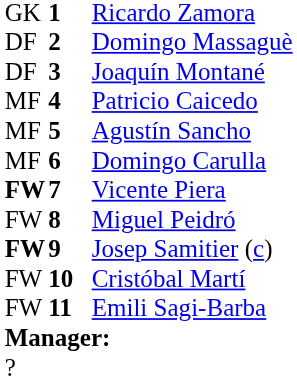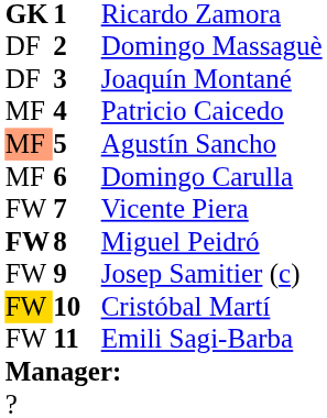 <table style="font-size:90%; margin:0.2em auto;" cellspacing="0" cellpadding="0">
 <tr>
 <th width="25"></th>
 <th width="25"></th>
 </tr>
 <tr>
-<td>GK</td>
+<td><strong>GK</strong></td>
 <td><strong>1</strong></td>
 <td> <a href='#'>Ricardo Zamora</a></td>
 </tr>
 <tr>
 <td>DF</td>
 <td><strong>2</strong></td>
 <td> <a href='#'>Domingo Massaguè</a></td>
 </tr>
 <tr>
 <td>DF</td>
 <td><strong>3</strong></td>
 <td> <a href='#'>Joaquín Montané</a></td>
 </tr>
 <tr>
 <td>MF</td>
 <td><strong>4</strong></td>
 <td> <a href='#'>Patricio Caicedo</a></td>
 </tr>
 <tr>
-<td>MF</td>
+<td style="background: lightsalmon;">MF</td>
 <td><strong>5</strong></td>
 <td> <a href='#'>Agustín Sancho</a></td>
 </tr>
 <tr>
 <td>MF</td>
 <td><strong>6</strong></td>
 <td> <a href='#'>Domingo Carulla</a></td>
 </tr>
 <tr>
-<td><strong>FW</strong></td>
+<td>FW</td>
 <td><strong>7</strong></td>
 <td> <a href='#'>Vicente Piera</a></td>
 </tr>
 <tr>
-<td>FW</td>
+<td><strong>FW</strong></td>
 <td><strong>8</strong></td>
 <td> <a href='#'>Miguel Peidró</a></td>
 </tr>
 <tr>
-<td><strong>FW</strong></td>
+<td>FW</td>
 <td><strong>9</strong></td>
 <td> <a href='#'>Josep Samitier</a> (<a href='#'>c</a>)</td>
 </tr>
 <tr>
-<td>FW</td>
+<td style="background: gold;">FW</td>
 <td><strong>10</strong></td>
 <td> <a href='#'>Cristóbal Martí</a></td>
 </tr>
 <tr>
 <td>FW</td>
 <td><strong>11</strong></td>
 <td> <a href='#'>Emili Sagi-Barba</a></td>
 </tr>
 <tr>
 <td colspan=3><strong>Manager:</strong></td>
 </tr>
 <tr>
 <td colspan=4>?</td>
 </tr>
 </table>
